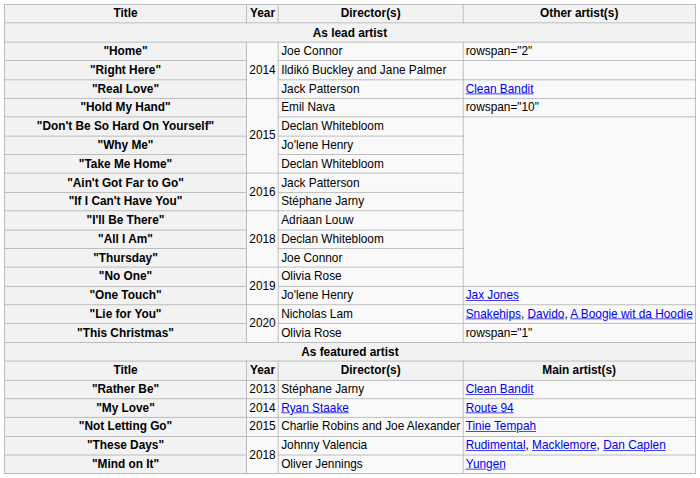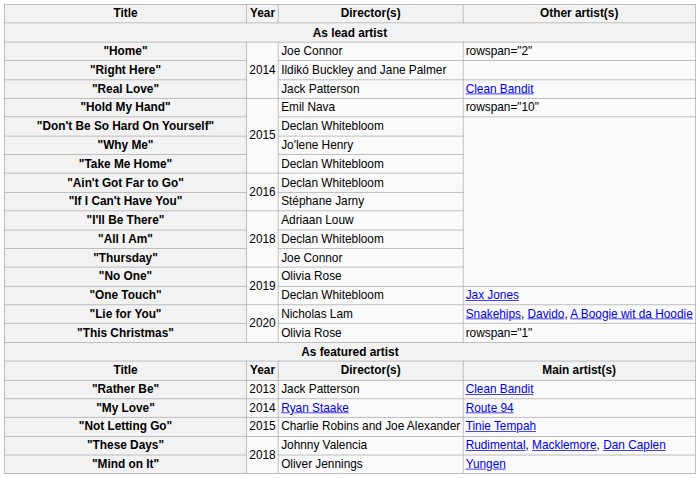 <table class="wikitable plainrowheaders">
 <tr>
 <th scope="col" style="width:20em;">Title</th>
 <th scope="col" style="width:1em;">Year</th>
 <th scope="col">Director(s)</th>
 <th scope="col">Other artist(s)</th>
 </tr>
 <tr>
 <th scope="col" colspan="4">As lead artist</th>
 </tr>
 <tr>
 <th scope="row">"Home"</th>
 <td rowspan="3">2014</td>
 <td>Joe Connor</td>
 <td>rowspan="2" </td>
 </tr>
 <tr>
 <th scope="row">"Right Here"</th>
 <td>Ildikó Buckley and Jane Palmer</td>
 </tr>
 <tr>
 <th scope="row">"Real Love"</th>
 <td>Jack Patterson</td>
 <td><a href='#'>Clean Bandit</a></td>
 </tr>
 <tr>
 <th scope="row">"Hold My Hand"</th>
 <td rowspan="4">2015</td>
 <td>Emil Nava</td>
 <td>rowspan="10" </td>
 </tr>
 <tr>
 <th scope="row">"Don't Be So Hard On Yourself"</th>
 <td>Declan Whitebloom</td>
 </tr>
 <tr>
 <th scope="row">"Why Me"</th>
 <td>Jo'lene Henry</td>
 </tr>
 <tr>
 <th scope="row">"Take Me Home"</th>
 <td>Declan Whitebloom</td>
 </tr>
 <tr>
 <th scope="row">"Ain't Got Far to Go"</th>
 <td rowspan="2">2016</td>
-<td>Jack Patterson</td>
+<td>Declan Whitebloom</td>
 </tr>
 <tr>
 <th scope="row">"If I Can't Have You"</th>
 <td>Stéphane Jarny</td>
 </tr>
 <tr>
 <th scope="row">"I'll Be There"</th>
 <td rowspan="3">2018</td>
 <td>Adriaan Louw</td>
 </tr>
 <tr>
 <th scope="row">"All I Am"</th>
 <td>Declan Whitebloom</td>
 </tr>
 <tr>
 <th scope="row">"Thursday"</th>
 <td>Joe Connor</td>
 </tr>
 <tr>
 <th scope="row">"No One"</th>
 <td rowspan="2">2019</td>
 <td>Olivia Rose</td>
 </tr>
 <tr>
 <th scope="row">"One Touch"</th>
-<td>Jo'lene Henry</td>
+<td>Declan Whitebloom</td>
 <td><a href='#'>Jax Jones</a></td>
 </tr>
 <tr>
 <th scope="row">"Lie for You"</th>
 <td rowspan="2">2020</td>
 <td>Nicholas Lam</td>
 <td><a href='#'>Snakehips</a>, <a href='#'>Davido</a>, <a href='#'>A Boogie wit da Hoodie</a></td>
 </tr>
 <tr>
 <th scope="row">"This Christmas"</th>
 <td>Olivia Rose</td>
 <td>rowspan="1" </td>
 </tr>
 <tr>
 <th scope="col" colspan="4">As featured artist</th>
 </tr>
 <tr>
 <th scope="col">Title</th>
 <th scope="col">Year</th>
 <th scope="col">Director(s)</th>
 <th scope="col">Main artist(s)</th>
 </tr>
 <tr>
 <th scope="row">"Rather Be"</th>
 <td>2013</td>
-<td>Stéphane Jarny</td>
+<td>Jack Patterson</td>
 <td><a href='#'>Clean Bandit</a></td>
 </tr>
 <tr>
 <th scope="row">"My Love"</th>
 <td>2014</td>
 <td><a href='#'>Ryan Staake</a></td>
 <td><a href='#'>Route 94</a></td>
 </tr>
 <tr>
 <th scope="row">"Not Letting Go"</th>
 <td>2015</td>
 <td>Charlie Robins and Joe Alexander</td>
 <td><a href='#'>Tinie Tempah</a></td>
 </tr>
 <tr>
 <th scope="row">"These Days"</th>
 <td rowspan="2">2018</td>
 <td>Johnny Valencia</td>
 <td><a href='#'>Rudimental</a>, <a href='#'>Macklemore</a>, <a href='#'>Dan Caplen</a></td>
 </tr>
 <tr>
 <th scope="row">"Mind on It"</th>
 <td>Oliver Jennings</td>
 <td><a href='#'>Yungen</a></td>
 </tr>
 </table>
